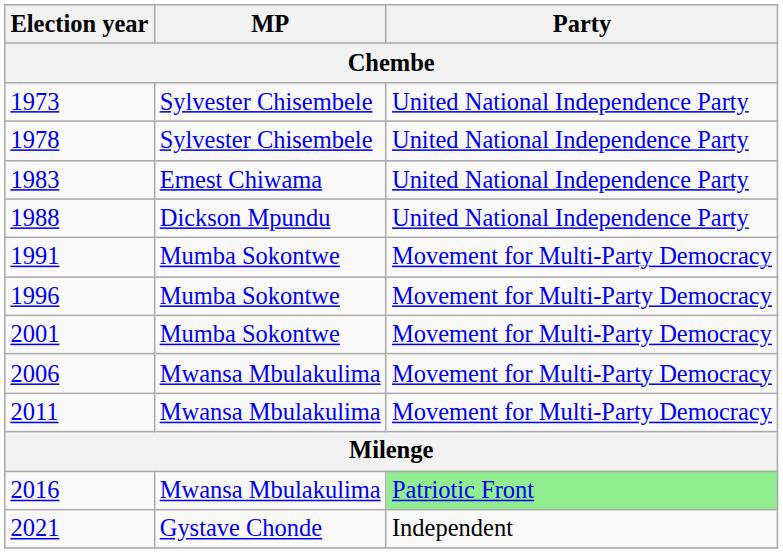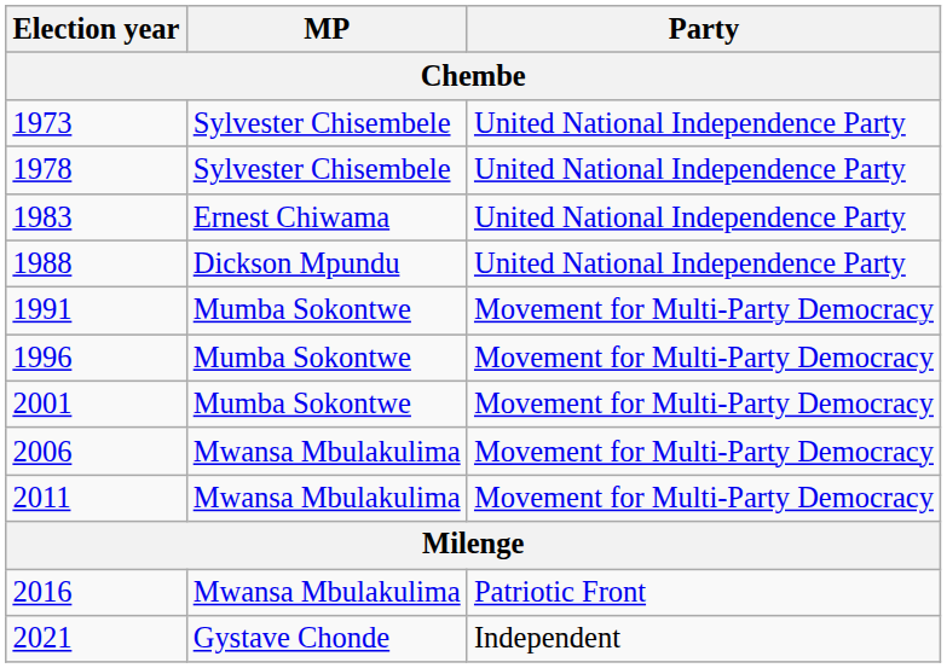 <table class=wikitable>
 <tr>
 <th>Election year</th>
 <th>MP</th>
 <th>Party</th>
 </tr>
 <tr>
 <th colspan=3>Chembe</th>
 </tr>
 <tr>
 <td><a href='#'>1973</a></td>
 <td><a href='#'>Sylvester Chisembele</a></td>
 <td><a href='#'>United National Independence Party</a></td>
 </tr>
 <tr>
 <td><a href='#'>1978</a></td>
 <td><a href='#'>Sylvester Chisembele</a></td>
 <td><a href='#'>United National Independence Party</a></td>
 </tr>
 <tr>
 <td><a href='#'>1983</a></td>
 <td><a href='#'>Ernest Chiwama</a></td>
 <td><a href='#'>United National Independence Party</a></td>
 </tr>
 <tr>
 <td><a href='#'>1988</a></td>
 <td><a href='#'>Dickson Mpundu</a></td>
 <td><a href='#'>United National Independence Party</a></td>
 </tr>
 <tr>
 <td><a href='#'>1991</a></td>
 <td><a href='#'>Mumba Sokontwe</a></td>
 <td><a href='#'>Movement for Multi-Party Democracy</a></td>
 </tr>
 <tr>
 <td><a href='#'>1996</a></td>
 <td><a href='#'>Mumba Sokontwe</a></td>
 <td><a href='#'>Movement for Multi-Party Democracy</a></td>
 </tr>
 <tr>
 <td><a href='#'>2001</a></td>
 <td><a href='#'>Mumba Sokontwe</a></td>
 <td><a href='#'>Movement for Multi-Party Democracy</a></td>
 </tr>
 <tr>
 <td><a href='#'>2006</a></td>
 <td><a href='#'>Mwansa Mbulakulima</a></td>
 <td><a href='#'>Movement for Multi-Party Democracy</a></td>
 </tr>
 <tr>
 <td><a href='#'>2011</a></td>
 <td><a href='#'>Mwansa Mbulakulima</a></td>
 <td><a href='#'>Movement for Multi-Party Democracy</a></td>
 </tr>
 <tr>
 <th colspan=3>Milenge</th>
 </tr>
 <tr>
 <td><a href='#'>2016</a></td>
 <td><a href='#'>Mwansa Mbulakulima</a></td>
-<td style="background: lightgreen;"><a href='#'>Patriotic Front</a></td>
+<td><a href='#'>Patriotic Front</a></td>
 </tr>
 <tr>
 <td><a href='#'>2021</a></td>
 <td><a href='#'>Gystave Chonde</a></td>
 <td>Independent</td>
 </tr>
 </table>
